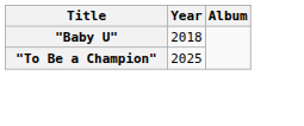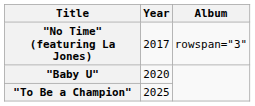 <table class="wikitable plainrowheaders" style="text-align:center;">
 <tr>
 <th scope="col" style="width:12em;">Title</th>
 <th scope="col">Year</th>
 <th scope="col">Album</th>
 </tr>
 <tr>
+<th scope="row">"No Time"<br><span>(featuring La Jones)</span></th>
+<td>2017</td>
+<td>rowspan="3" </td>
+</tr>
+<tr>
 <th scope="row">"Baby U"</th>
-<td>2018</td>
+<td>2020</td>
 </tr>
 <tr>
 <th scope="row">"To Be a Champion"</th>
 <td>2025</td>
 </tr>
 </table>
